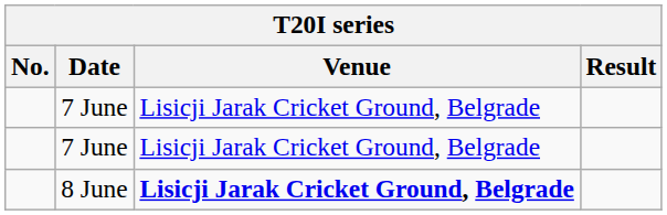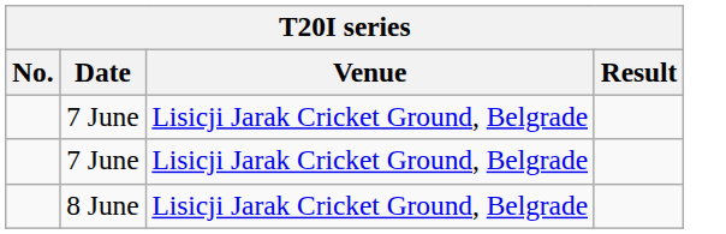 <table class="wikitable">
 <tr>
 <th colspan="5">T20I series</th>
 </tr>
 <tr>
 <th>No.</th>
 <th>Date</th>
 <th>Venue</th>
 <th>Result</th>
 </tr>
 <tr>
 <td></td>
 <td>7 June</td>
 <td><a href='#'>Lisicji Jarak Cricket Ground</a>, <a href='#'>Belgrade</a></td>
 <td></td>
 </tr>
 <tr>
 <td></td>
 <td>7 June</td>
 <td><a href='#'>Lisicji Jarak Cricket Ground</a>, <a href='#'>Belgrade</a></td>
 <td></td>
 </tr>
 <tr>
 <td></td>
 <td>8 June</td>
-<td><strong><a href='#'>Lisicji Jarak Cricket Ground</a>, <a href='#'>Belgrade</a></strong></td>
+<td><a href='#'>Lisicji Jarak Cricket Ground</a>, <a href='#'>Belgrade</a></td>
 <td></td>
 </tr>
 </table>
